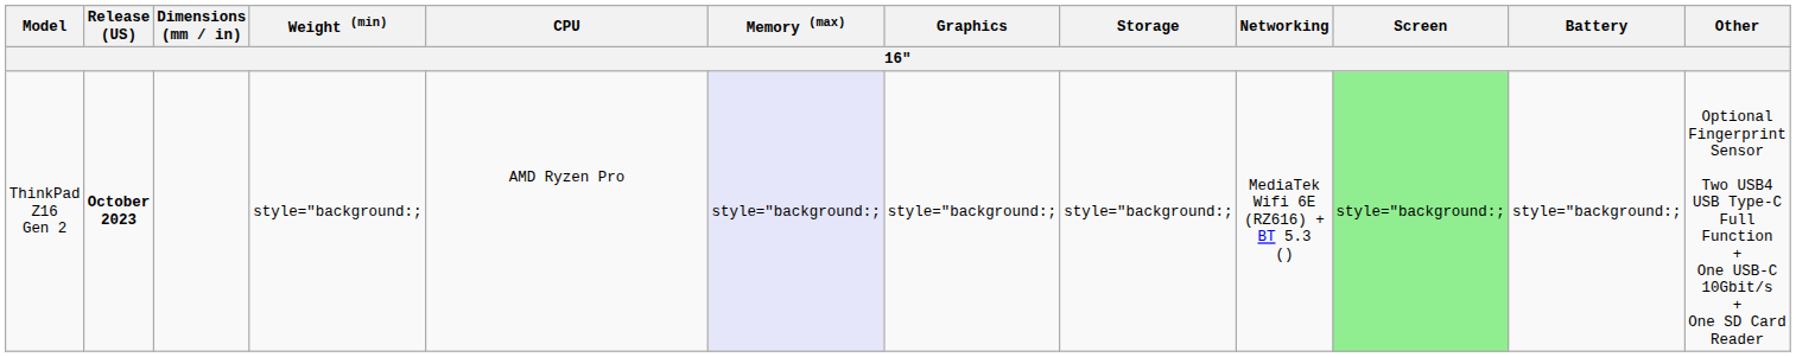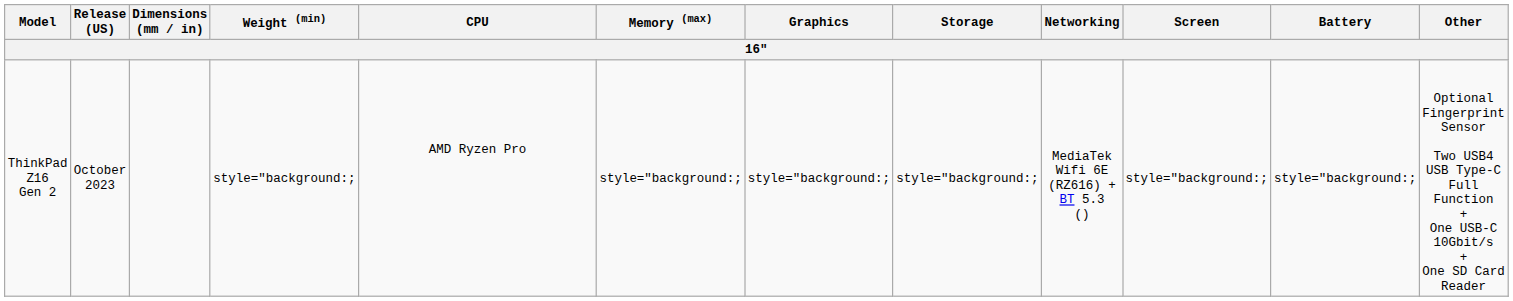 <table class="wikitable" style="font-size: 80%; text-align: center; min-width: 80%;">
 <tr>
 <th>Model</th>
 <th>Release (US)</th>
 <th>Dimensions (mm / in)</th>
 <th>Weight <sup>(min)</sup></th>
 <th style="width:17%">CPU</th>
 <th>Memory <sup>(max)</sup></th>
 <th>Graphics</th>
 <th>Storage</th>
 <th>Networking</th>
 <th>Screen</th>
 <th>Battery</th>
 <th>Other</th>
 </tr>
 <tr>
 <th colspan=12>16"</th>
 </tr>
 <tr>
 <td>ThinkPad Z16 <br>Gen 2 </td>
-<td><strong>October 2023</strong></td>
+<td>October 2023</td>
 <td></td>
 <td>style="background:;</td>
 <td style="background:">AMD Ryzen Pro<br><br><br><br><br></td>
-<td style="background: lavender;">style="background:;</td>
+<td>style="background:;</td>
 <td>style="background:;</td>
 <td>style="background:;</td>
 <td><br>MediaTek Wifi 6E (RZ616) + <a href='#'>BT</a> 5.3 <br>()<br></td>
-<td style="background: lightgreen;">style="background:;</td>
+<td>style="background:;</td>
 <td>style="background:;</td>
 <td style="background:"><br><br>Optional <br> Fingerprint Sensor<br><br>Two USB4 USB Type-C Full Function<br>+<br>One USB-C 10Gbit/s<br>+<br>One SD Card Reader</td>
 </tr>
 </table>
